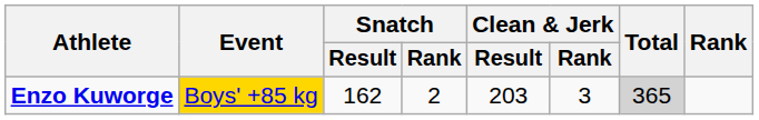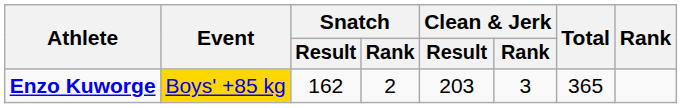 <table class="wikitable" style="font-size:90%">
 <tr>
 <th rowspan="2">Athlete</th>
 <th rowspan="2">Event</th>
 <th colspan="2">Snatch</th>
 <th colspan="2">Clean & Jerk</th>
 <th rowspan="2">Total</th>
 <th rowspan="2">Rank</th>
 </tr>
 <tr style="font-size:95%">
 <th>Result</th>
 <th>Rank</th>
 <th>Result</th>
 <th>Rank</th>
 </tr>
 <tr align=center>
 <td align=left><strong><a href='#'>Enzo Kuworge</a></strong></td>
 <td align=left style="background: gold;"><a href='#'>Boys' +85 kg</a></td>
 <td>162</td>
 <td>2</td>
 <td>203</td>
 <td>3</td>
-<td style="background: lightgrey;">365</td>
+<td>365</td>
 <td></td>
 </tr>
 </table>
